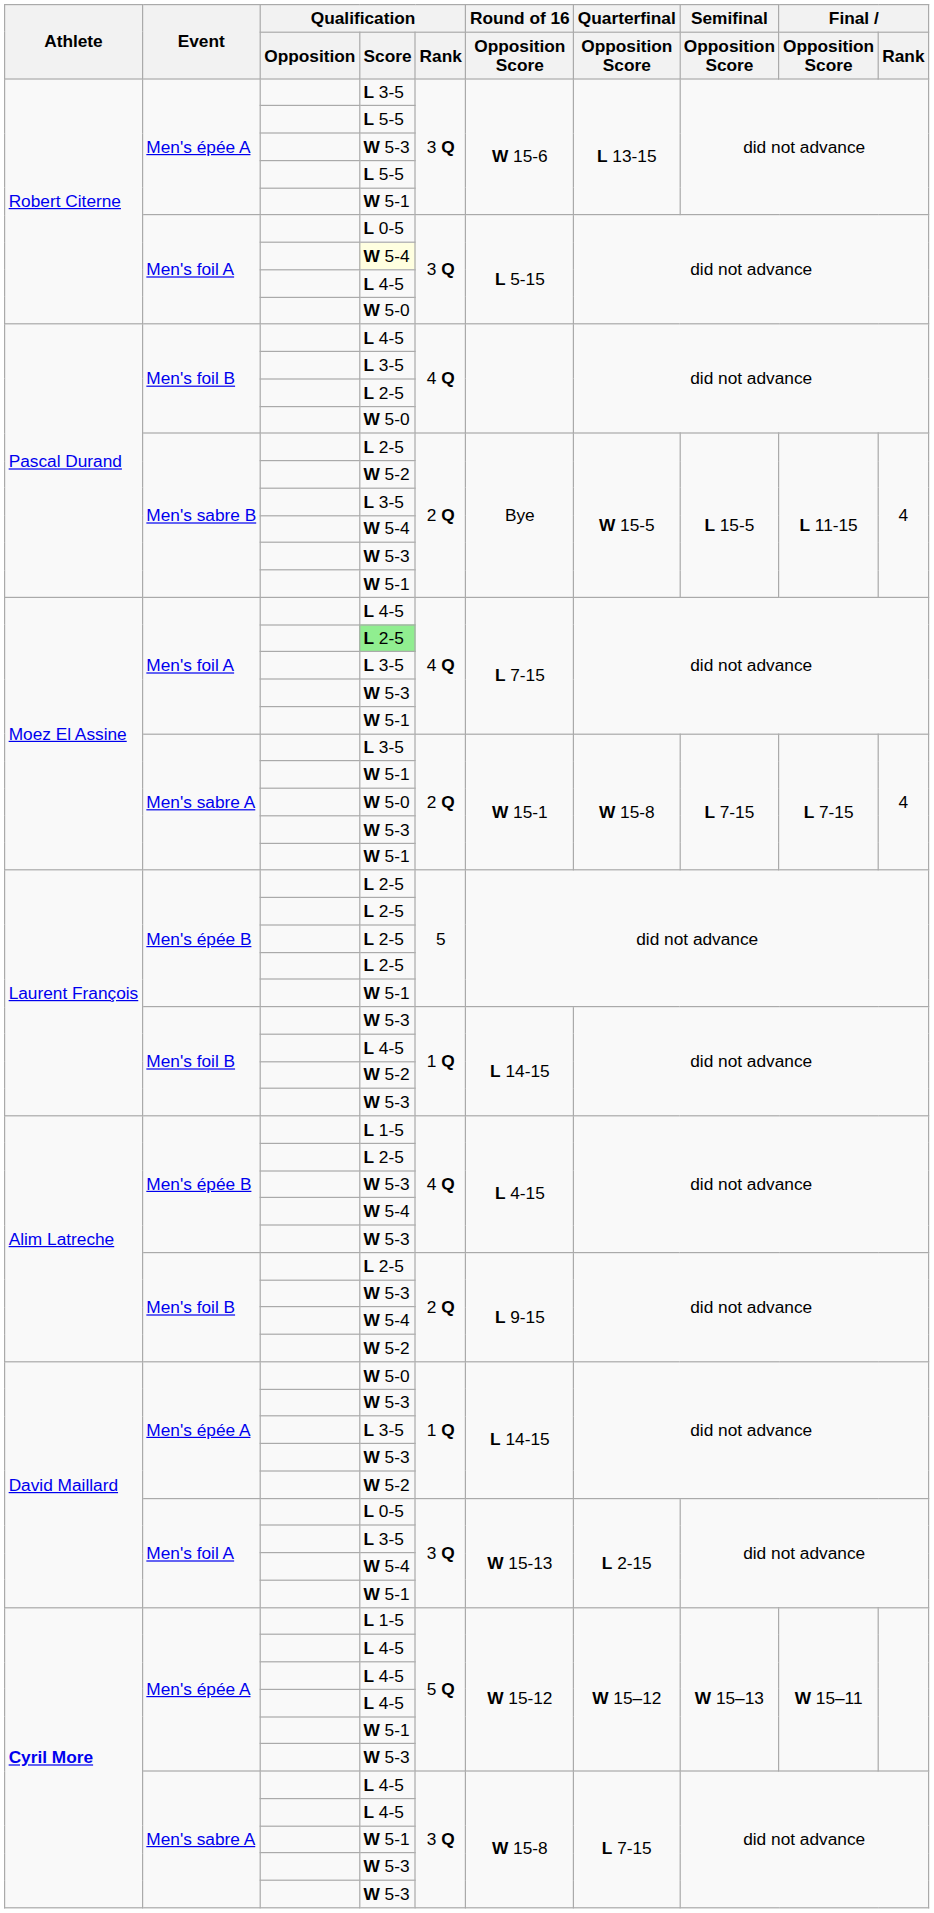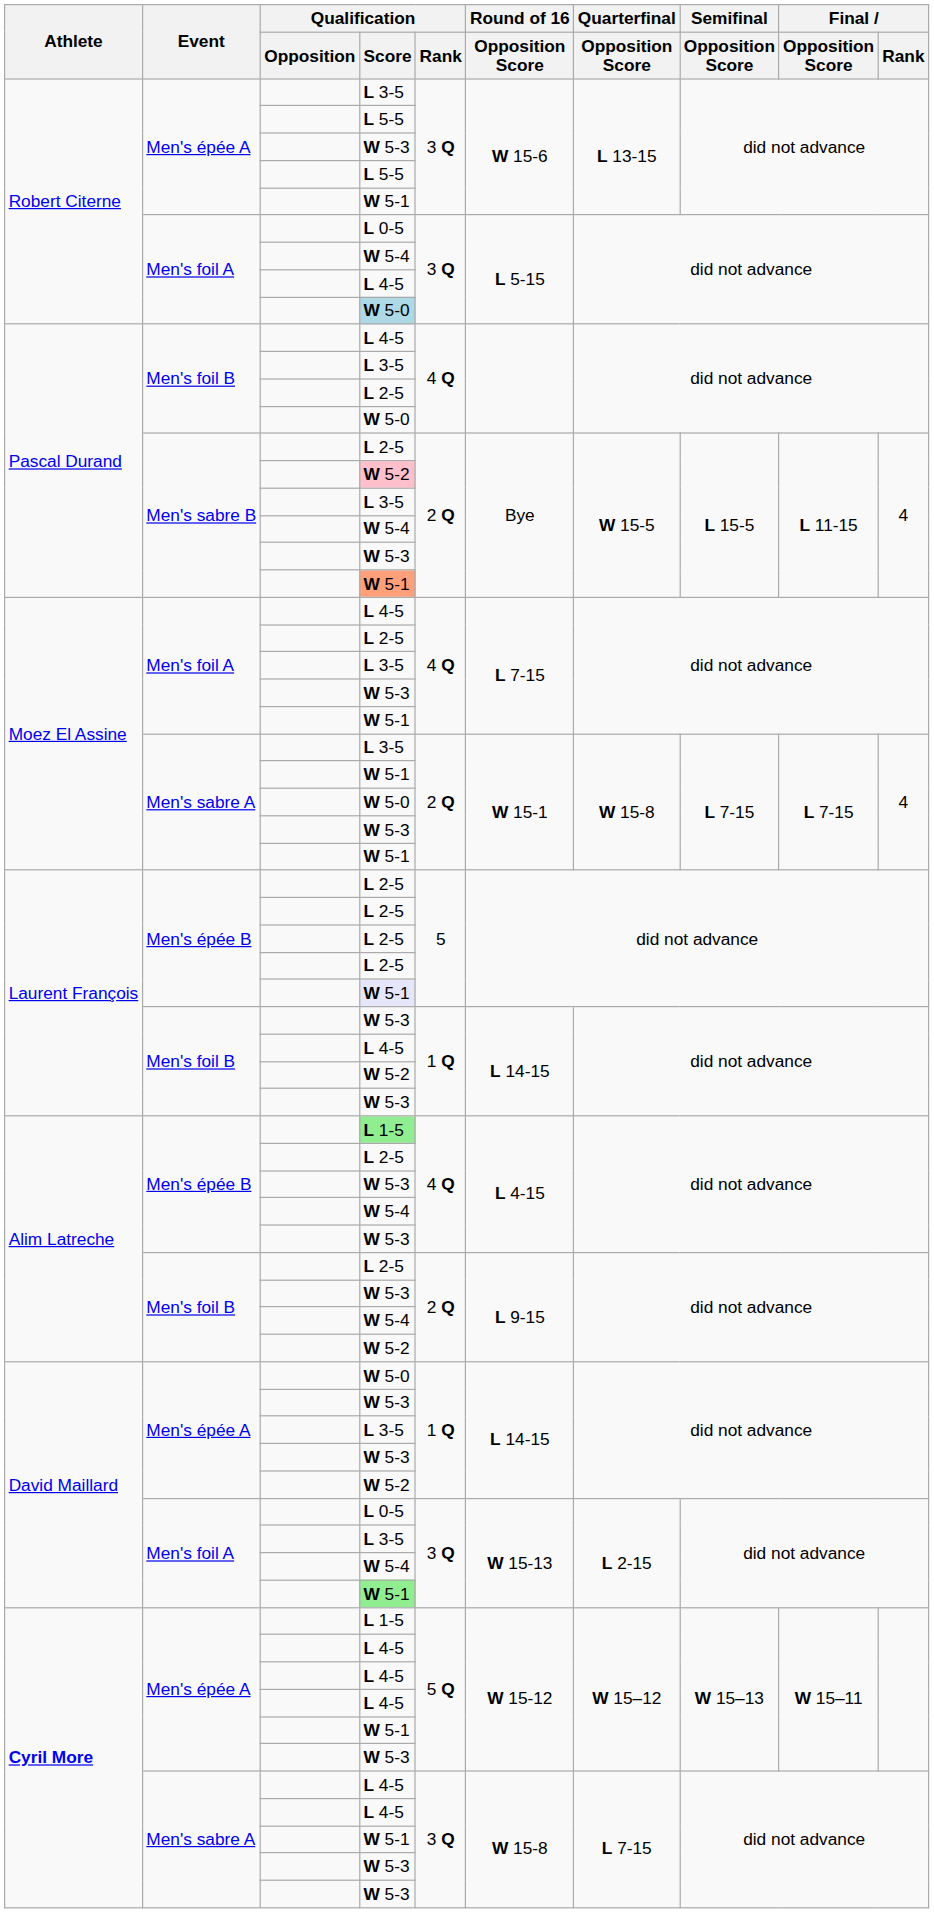 <table class=wikitable style="font-size:90%">
 <tr>
 <th rowspan="2">Athlete</th>
 <th rowspan="2">Event</th>
 <th colspan="3">Qualification</th>
 <th>Round of 16</th>
 <th>Quarterfinal</th>
 <th>Semifinal</th>
 <th colspan="2">Final / </th>
 </tr>
 <tr>
 <th>Opposition</th>
 <th>Score</th>
 <th>Rank</th>
 <th>Opposition<br>Score</th>
 <th>Opposition<br>Score</th>
 <th>Opposition<br>Score</th>
 <th>Opposition<br>Score</th>
 <th>Rank</th>
 </tr>
 <tr>
 <td rowspan=9><a href='#'>Robert Citerne</a></td>
 <td rowspan=5><a href='#'>Men's épée A</a></td>
 <td></td>
 <td><strong>L</strong> 3-5</td>
 <td align="center" rowspan=5>3 <strong>Q</strong></td>
 <td align="center" rowspan=5><br><strong>W</strong> 15-6</td>
 <td align="center" rowspan=5><br><strong>L</strong> 13-15</td>
 <td align="center" rowspan=5 colspan=3>did not advance</td>
 </tr>
 <tr>
 <td></td>
 <td><strong>L</strong> 5-5</td>
 </tr>
 <tr>
 <td></td>
 <td><strong>W</strong> 5-3</td>
 </tr>
 <tr>
 <td></td>
 <td><strong>L</strong> 5-5</td>
 </tr>
 <tr>
 <td></td>
 <td><strong>W</strong> 5-1</td>
 </tr>
 <tr>
 <td rowspan=4><a href='#'>Men's foil A</a></td>
 <td></td>
 <td><strong>L</strong> 0-5</td>
 <td align="center" rowspan=4>3 <strong>Q</strong></td>
 <td align="center" rowspan=4><br><strong>L</strong> 5-15</td>
 <td align="center" rowspan=4 colspan=4>did not advance</td>
 </tr>
 <tr>
 <td></td>
-<td style="background: lightyellow;"><strong>W</strong> 5-4</td>
+<td><strong>W</strong> 5-4</td>
 </tr>
 <tr>
 <td></td>
 <td><strong>L</strong> 4-5</td>
 </tr>
 <tr>
 <td></td>
-<td><strong>W</strong> 5-0</td>
+<td style="background: lightblue;"><strong>W</strong> 5-0</td>
 </tr>
 <tr>
 <td rowspan=10><a href='#'>Pascal Durand</a></td>
 <td rowspan=4><a href='#'>Men's foil B</a></td>
 <td></td>
 <td><strong>L</strong> 4-5</td>
 <td align="center" rowspan=4>4 <strong>Q</strong></td>
 <td align="center" rowspan=4></td>
 <td align="center" rowspan=4 colspan=4>did not advance</td>
 </tr>
 <tr>
 <td></td>
 <td><strong>L</strong> 3-5</td>
 </tr>
 <tr>
 <td></td>
 <td><strong>L</strong> 2-5</td>
 </tr>
 <tr>
 <td></td>
 <td><strong>W</strong> 5-0</td>
 </tr>
 <tr>
 <td rowspan=6><a href='#'>Men's sabre B</a></td>
 <td></td>
 <td><strong>L</strong> 2-5</td>
 <td align="center" rowspan=6>2 <strong>Q</strong></td>
 <td align="center" rowspan=6>Bye</td>
 <td align="center" rowspan=6><br><strong>W</strong> 15-5</td>
 <td align="center" rowspan=6><br><strong>L</strong> 15-5</td>
 <td align="center" rowspan=6><br><strong>L</strong> 11-15</td>
 <td align="center" rowspan=6>4</td>
 </tr>
 <tr>
 <td></td>
-<td><strong>W</strong> 5-2</td>
+<td style="background: pink;"><strong>W</strong> 5-2</td>
 </tr>
 <tr>
 <td></td>
 <td><strong>L</strong> 3-5</td>
 </tr>
 <tr>
 <td></td>
 <td><strong>W</strong> 5-4</td>
 </tr>
 <tr>
 <td></td>
 <td><strong>W</strong> 5-3</td>
 </tr>
 <tr>
 <td></td>
-<td><strong>W</strong> 5-1</td>
+<td style="background: lightsalmon;"><strong>W</strong> 5-1</td>
 </tr>
 <tr>
 <td rowspan=10><a href='#'>Moez El Assine</a></td>
 <td rowspan=5><a href='#'>Men's foil A</a></td>
 <td></td>
 <td><strong>L</strong> 4-5</td>
 <td align="center" rowspan=5>4 <strong>Q</strong></td>
 <td align="center" rowspan=5><br><strong>L</strong> 7-15</td>
 <td align="center" rowspan=5 colspan=4>did not advance</td>
 </tr>
 <tr>
 <td></td>
-<td style="background: lightgreen;"><strong>L</strong> 2-5</td>
+<td><strong>L</strong> 2-5</td>
 </tr>
 <tr>
 <td></td>
 <td><strong>L</strong> 3-5</td>
 </tr>
 <tr>
 <td></td>
 <td><strong>W</strong> 5-3</td>
 </tr>
 <tr>
 <td></td>
 <td><strong>W</strong> 5-1</td>
 </tr>
 <tr>
 <td rowspan=5><a href='#'>Men's sabre A</a></td>
 <td></td>
 <td><strong>L</strong> 3-5</td>
 <td align="center" rowspan=5>2 <strong>Q</strong></td>
 <td align="center" rowspan=5><br><strong>W</strong> 15-1</td>
 <td align="center" rowspan=5><br><strong>W</strong> 15-8</td>
 <td align="center" rowspan=5><br><strong>L</strong> 7-15</td>
 <td align="center" rowspan=5><br><strong>L</strong> 7-15</td>
 <td align="center" rowspan=5>4</td>
 </tr>
 <tr>
 <td></td>
 <td><strong>W</strong> 5-1</td>
 </tr>
 <tr>
 <td></td>
 <td><strong>W</strong> 5-0</td>
 </tr>
 <tr>
 <td></td>
 <td><strong>W</strong> 5-3</td>
 </tr>
 <tr>
 <td></td>
 <td><strong>W</strong> 5-1</td>
 </tr>
 <tr>
 <td rowspan=9><a href='#'>Laurent François</a></td>
 <td rowspan=5><a href='#'>Men's épée B</a></td>
 <td></td>
 <td><strong>L</strong> 2-5</td>
 <td align="center" rowspan=5>5</td>
 <td align="center" rowspan=5 colspan=5>did not advance</td>
 </tr>
 <tr>
 <td></td>
 <td><strong>L</strong> 2-5</td>
 </tr>
 <tr>
 <td></td>
 <td><strong>L</strong> 2-5</td>
 </tr>
 <tr>
 <td></td>
 <td><strong>L</strong> 2-5</td>
 </tr>
 <tr>
 <td></td>
-<td><strong>W</strong> 5-1</td>
+<td style="background: lavender;"><strong>W</strong> 5-1</td>
 </tr>
 <tr>
 <td rowspan=4><a href='#'>Men's foil B</a></td>
 <td></td>
 <td><strong>W</strong> 5-3</td>
 <td align="center" rowspan=4>1 <strong>Q</strong></td>
 <td align="center" rowspan=4><br><strong>L</strong> 14-15</td>
 <td align="center" rowspan=4 colspan=4>did not advance</td>
 </tr>
 <tr>
 <td></td>
 <td><strong>L</strong> 4-5</td>
 </tr>
 <tr>
 <td></td>
 <td><strong>W</strong> 5-2</td>
 </tr>
 <tr>
 <td></td>
 <td><strong>W</strong> 5-3</td>
 </tr>
 <tr>
 <td rowspan=9><a href='#'>Alim Latreche</a></td>
 <td rowspan=5><a href='#'>Men's épée B</a></td>
 <td></td>
-<td><strong>L</strong> 1-5</td>
+<td style="background: lightgreen;"><strong>L</strong> 1-5</td>
 <td align="center" rowspan=5>4 <strong>Q</strong></td>
 <td align="center" rowspan=5><br><strong>L</strong> 4-15</td>
 <td align="center" rowspan=5 colspan=4>did not advance</td>
 </tr>
 <tr>
 <td></td>
 <td><strong>L</strong> 2-5</td>
 </tr>
 <tr>
 <td></td>
 <td><strong>W</strong> 5-3</td>
 </tr>
 <tr>
 <td></td>
 <td><strong>W</strong> 5-4</td>
 </tr>
 <tr>
 <td></td>
 <td><strong>W</strong> 5-3</td>
 </tr>
 <tr>
 <td rowspan=4><a href='#'>Men's foil B</a></td>
 <td></td>
 <td><strong>L</strong> 2-5</td>
 <td align="center" rowspan=4>2 <strong>Q</strong></td>
 <td align="center" rowspan=4><br><strong>L</strong> 9-15</td>
 <td align="center" rowspan=4 colspan=4>did not advance</td>
 </tr>
 <tr>
 <td></td>
 <td><strong>W</strong> 5-3</td>
 </tr>
 <tr>
 <td></td>
 <td><strong>W</strong> 5-4</td>
 </tr>
 <tr>
 <td></td>
 <td><strong>W</strong> 5-2</td>
 </tr>
 <tr>
 <td rowspan=9><a href='#'>David Maillard</a></td>
 <td rowspan=5><a href='#'>Men's épée A</a></td>
 <td></td>
 <td><strong>W</strong> 5-0</td>
 <td align="center" rowspan=5>1 <strong>Q</strong></td>
 <td align="center" rowspan=5><br><strong>L</strong> 14-15</td>
 <td align="center" rowspan=5 colspan=4>did not advance</td>
 </tr>
 <tr>
 <td></td>
 <td><strong>W</strong> 5-3</td>
 </tr>
 <tr>
 <td></td>
 <td><strong>L</strong> 3-5</td>
 </tr>
 <tr>
 <td></td>
 <td><strong>W</strong> 5-3</td>
 </tr>
 <tr>
 <td></td>
 <td><strong>W</strong> 5-2</td>
 </tr>
 <tr>
 <td rowspan=4><a href='#'>Men's foil A</a></td>
 <td></td>
 <td><strong>L</strong> 0-5</td>
 <td align="center" rowspan=4>3 <strong>Q</strong></td>
 <td align="center" rowspan=4><br><strong>W</strong> 15-13</td>
 <td align="center" rowspan=4><br><strong>L</strong> 2-15</td>
 <td align="center" rowspan=4 colspan=3>did not advance</td>
 </tr>
 <tr>
 <td></td>
 <td><strong>L</strong> 3-5</td>
 </tr>
 <tr>
 <td></td>
 <td><strong>W</strong> 5-4</td>
 </tr>
 <tr>
 <td></td>
-<td><strong>W</strong> 5-1</td>
+<td style="background: lightgreen;"><strong>W</strong> 5-1</td>
 </tr>
 <tr>
 <td rowspan=11><strong><a href='#'>Cyril More</a></strong></td>
 <td rowspan=6><a href='#'>Men's épée A</a></td>
 <td></td>
 <td><strong>L</strong> 1-5</td>
 <td align="center" rowspan=6>5 <strong>Q</strong></td>
 <td align="center" rowspan=6><br><strong>W</strong> 15-12</td>
 <td align="center" rowspan=6><br><strong>W</strong> 15–12</td>
 <td align="center" rowspan=6><br><strong>W</strong> 15–13</td>
 <td align="center" rowspan=6><br><strong>W</strong> 15–11</td>
 <td align="center" rowspan=6></td>
 </tr>
 <tr>
 <td></td>
 <td><strong>L</strong> 4-5</td>
 </tr>
 <tr>
 <td></td>
 <td><strong>L</strong> 4-5</td>
 </tr>
 <tr>
 <td></td>
 <td><strong>L</strong> 4-5</td>
 </tr>
 <tr>
 <td></td>
 <td><strong>W</strong> 5-1</td>
 </tr>
 <tr>
 <td></td>
 <td><strong>W</strong> 5-3</td>
 </tr>
 <tr>
 <td rowspan=5><a href='#'>Men's sabre A</a></td>
 <td></td>
 <td><strong>L</strong> 4-5</td>
 <td align="center" rowspan=5>3 <strong>Q</strong></td>
 <td align="center" rowspan=5><br><strong>W</strong> 15-8</td>
 <td align="center" rowspan=5><br><strong>L</strong> 7-15</td>
 <td align="center" rowspan=5 colspan=3>did not advance</td>
 </tr>
 <tr>
 <td></td>
 <td><strong>L</strong> 4-5</td>
 </tr>
 <tr>
 <td></td>
 <td><strong>W</strong> 5-1</td>
 </tr>
 <tr>
 <td></td>
 <td><strong>W</strong> 5-3</td>
 </tr>
 <tr>
 <td></td>
 <td><strong>W</strong> 5-3</td>
 </tr>
 </table>
